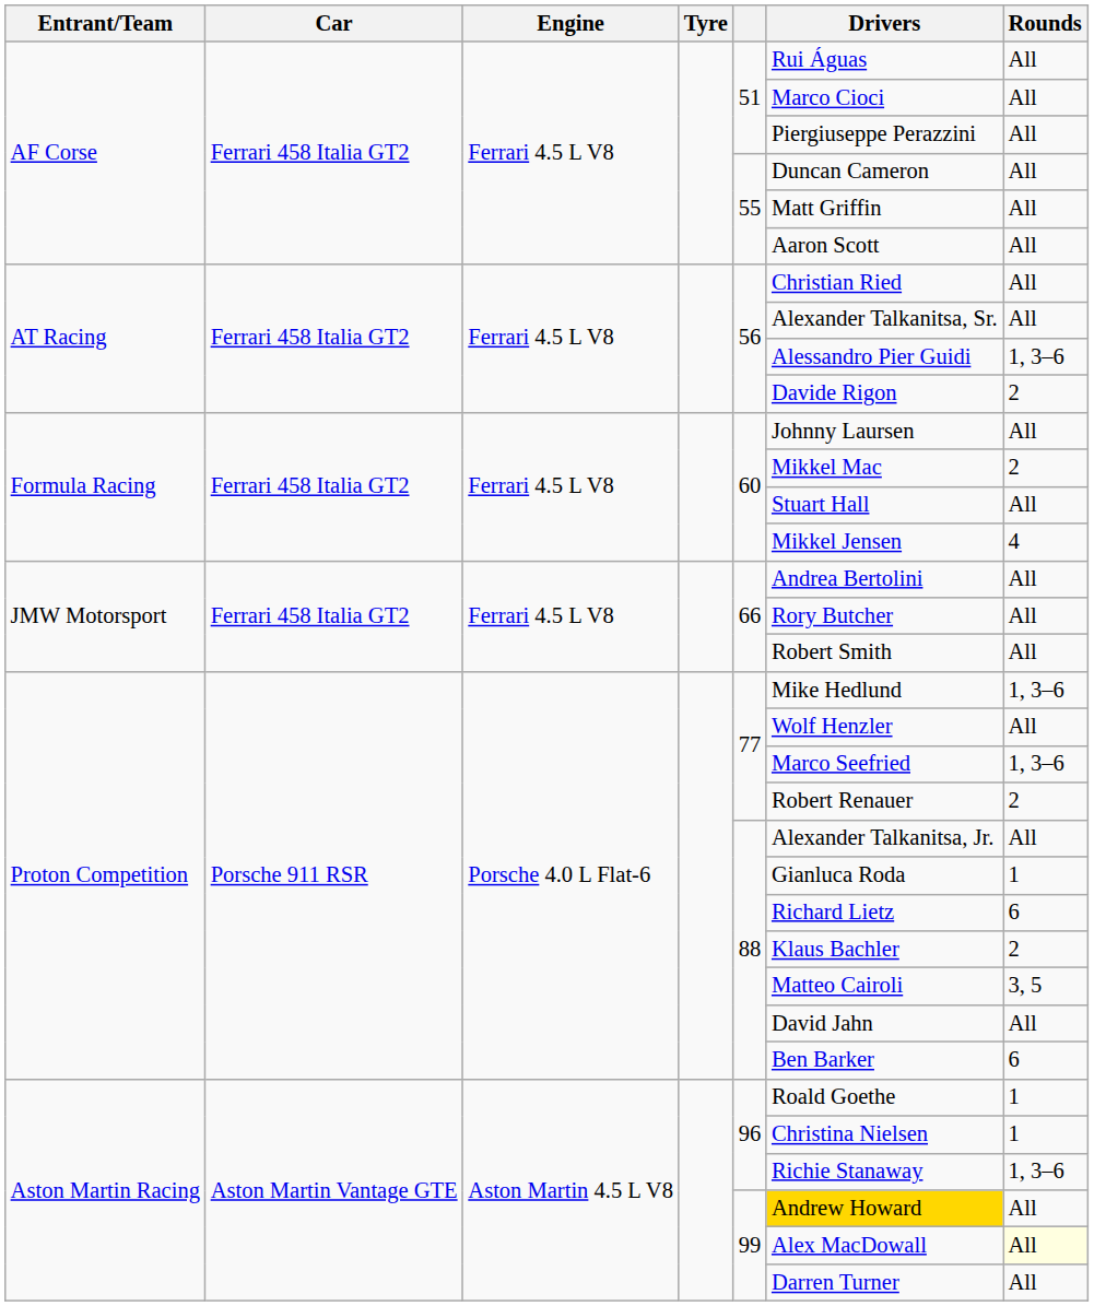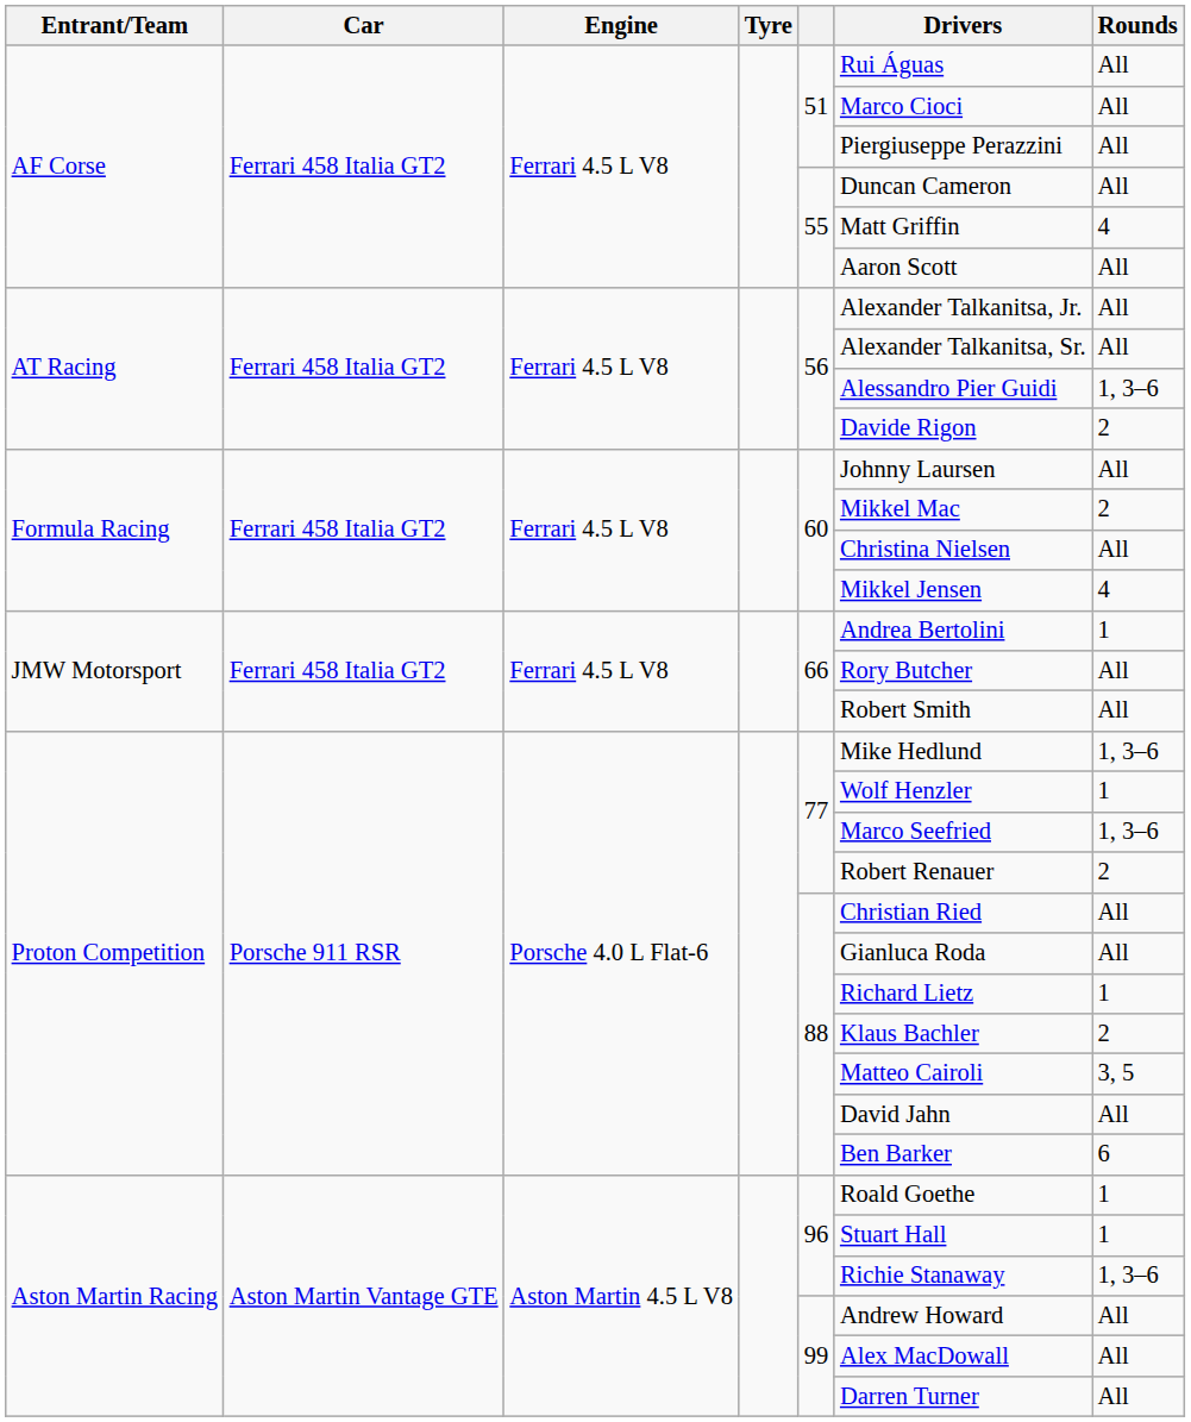 <table class="wikitable" style="font-size: 85%">
 <tr>
 <th>Entrant/Team</th>
 <th>Car</th>
 <th>Engine</th>
 <th>Tyre</th>
 <th></th>
 <th>Drivers</th>
 <th>Rounds</th>
 </tr>
 <tr>
 <td rowspan=6> <a href='#'>AF Corse</a></td>
 <td rowspan=6><a href='#'>Ferrari 458 Italia GT2</a></td>
 <td rowspan=6><a href='#'>Ferrari</a> 4.5 L V8</td>
 <td rowspan=6></td>
 <td rowspan=3>51</td>
 <td> <a href='#'>Rui Águas</a></td>
 <td>All</td>
 </tr>
 <tr>
 <td> <a href='#'>Marco Cioci</a></td>
 <td>All</td>
 </tr>
 <tr>
 <td> Piergiuseppe Perazzini</td>
 <td>All</td>
 </tr>
 <tr>
 <td rowspan=3>55</td>
 <td> Duncan Cameron</td>
 <td>All</td>
 </tr>
 <tr>
 <td> Matt Griffin</td>
-<td>All</td>
+<td>4</td>
 </tr>
 <tr>
 <td> Aaron Scott</td>
 <td>All</td>
 </tr>
 <tr>
 <td rowspan=4> <a href='#'>AT Racing</a></td>
 <td rowspan=4><a href='#'>Ferrari 458 Italia GT2</a></td>
 <td rowspan=4><a href='#'>Ferrari</a> 4.5 L V8</td>
 <td rowspan=4></td>
 <td rowspan=4>56</td>
-<td> <a href='#'>Christian Ried</a></td>
+<td> Alexander Talkanitsa, Jr.</td>
 <td>All</td>
 </tr>
 <tr>
 <td> Alexander Talkanitsa, Sr.</td>
 <td>All</td>
 </tr>
 <tr>
 <td> <a href='#'>Alessandro Pier Guidi</a></td>
 <td>1, 3–6</td>
 </tr>
 <tr>
 <td> <a href='#'>Davide Rigon</a></td>
 <td>2</td>
 </tr>
 <tr>
 <td rowspan=4> <a href='#'>Formula Racing</a></td>
 <td rowspan=4><a href='#'>Ferrari 458 Italia GT2</a></td>
 <td rowspan=4><a href='#'>Ferrari</a> 4.5 L V8</td>
 <td rowspan=4></td>
 <td rowspan=4>60</td>
 <td> Johnny Laursen</td>
 <td>All</td>
 </tr>
 <tr>
 <td> <a href='#'>Mikkel Mac</a></td>
 <td>2</td>
 </tr>
 <tr>
-<td> <a href='#'>Stuart Hall</a></td>
+<td> <a href='#'>Christina Nielsen</a></td>
 <td>All</td>
 </tr>
 <tr>
 <td> <a href='#'>Mikkel Jensen</a></td>
 <td>4</td>
 </tr>
 <tr>
 <td rowspan=3> JMW Motorsport</td>
 <td rowspan=3><a href='#'>Ferrari 458 Italia GT2</a></td>
 <td rowspan=3><a href='#'>Ferrari</a> 4.5 L V8</td>
 <td rowspan=3></td>
 <td rowspan=3>66</td>
 <td> <a href='#'>Andrea Bertolini</a></td>
-<td>All</td>
+<td>1</td>
 </tr>
 <tr>
 <td> <a href='#'>Rory Butcher</a></td>
 <td>All</td>
 </tr>
 <tr>
 <td> Robert Smith</td>
 <td>All</td>
 </tr>
 <tr>
 <td rowspan=11> <a href='#'>Proton Competition</a></td>
 <td rowspan=11><a href='#'>Porsche 911 RSR</a></td>
 <td rowspan=11><a href='#'>Porsche</a> 4.0 L Flat-6</td>
 <td rowspan=11></td>
 <td rowspan=4>77</td>
 <td> Mike Hedlund</td>
 <td>1, 3–6</td>
 </tr>
 <tr>
 <td> <a href='#'>Wolf Henzler</a></td>
-<td>All</td>
+<td>1</td>
 </tr>
 <tr>
 <td> <a href='#'>Marco Seefried</a></td>
 <td>1, 3–6</td>
 </tr>
 <tr>
 <td> Robert Renauer</td>
 <td>2</td>
 </tr>
 <tr>
 <td rowspan=7>88</td>
-<td> Alexander Talkanitsa, Jr.</td>
+<td> <a href='#'>Christian Ried</a></td>
 <td>All</td>
 </tr>
 <tr>
 <td> Gianluca Roda</td>
-<td>1</td>
+<td>All</td>
 </tr>
 <tr>
 <td> <a href='#'>Richard Lietz</a></td>
-<td>6</td>
+<td>1</td>
 </tr>
 <tr>
 <td> <a href='#'>Klaus Bachler</a></td>
 <td>2</td>
 </tr>
 <tr>
 <td> <a href='#'>Matteo Cairoli</a></td>
 <td>3, 5</td>
 </tr>
 <tr>
 <td> David Jahn</td>
 <td>All</td>
 </tr>
 <tr>
 <td> <a href='#'>Ben Barker</a></td>
 <td>6</td>
 </tr>
 <tr>
 <td rowspan=6> <a href='#'>Aston Martin Racing</a></td>
 <td rowspan=6><a href='#'>Aston Martin Vantage GTE</a></td>
 <td rowspan=6><a href='#'>Aston Martin</a> 4.5 L V8</td>
 <td rowspan=6></td>
 <td rowspan=3>96</td>
 <td> Roald Goethe</td>
 <td>1</td>
 </tr>
 <tr>
-<td> <a href='#'>Christina Nielsen</a></td>
+<td> <a href='#'>Stuart Hall</a></td>
 <td>1</td>
 </tr>
 <tr>
 <td> <a href='#'>Richie Stanaway</a></td>
 <td>1, 3–6</td>
 </tr>
 <tr>
 <td rowspan=3>99</td>
-<td style="background: gold;"> Andrew Howard</td>
+<td> Andrew Howard</td>
 <td>All</td>
 </tr>
 <tr>
 <td> <a href='#'>Alex MacDowall</a></td>
-<td style="background: lightyellow;">All</td>
+<td>All</td>
 </tr>
 <tr>
 <td> <a href='#'>Darren Turner</a></td>
 <td>All</td>
 </tr>
 </table>
